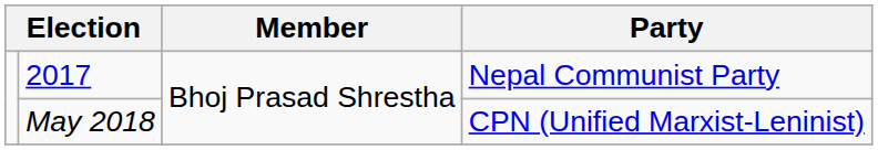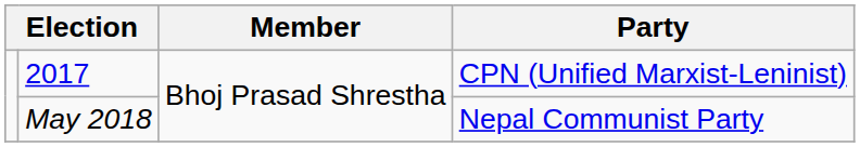 <table class="wikitable">
 <tr>
 <th colspan="2">Election</th>
 <th>Member</th>
 <th>Party</th>
 </tr>
 <tr>
 <td rowspan="2" style="background-color:"></td>
 <td><a href='#'>2017</a></td>
 <td rowspan="2">Bhoj Prasad Shrestha</td>
-<td><a href='#'>Nepal Communist Party</a></td>
+<td><a href='#'>CPN (Unified Marxist-Leninist)</a></td>
 </tr>
 <tr>
 <td><em>May 2018</em></td>
-<td><a href='#'>CPN (Unified Marxist-Leninist)</a></td>
+<td><a href='#'>Nepal Communist Party</a></td>
 </tr>
 </table>
